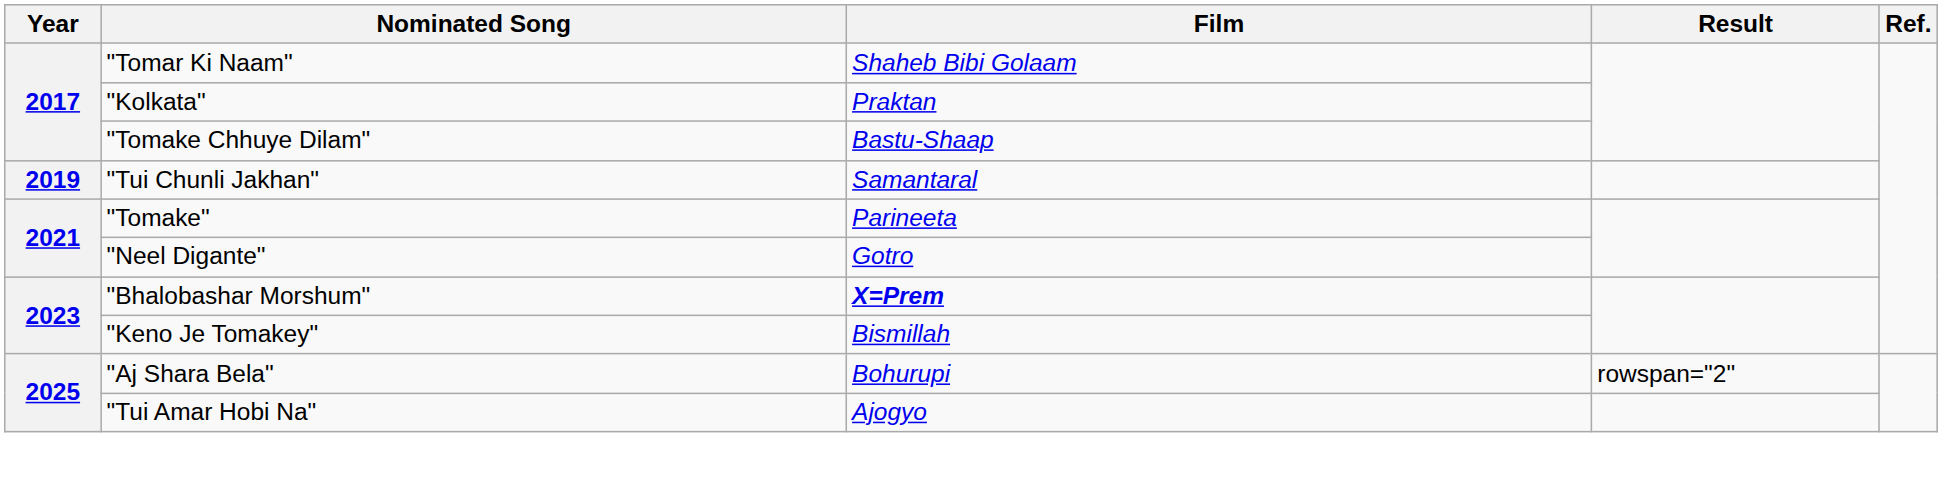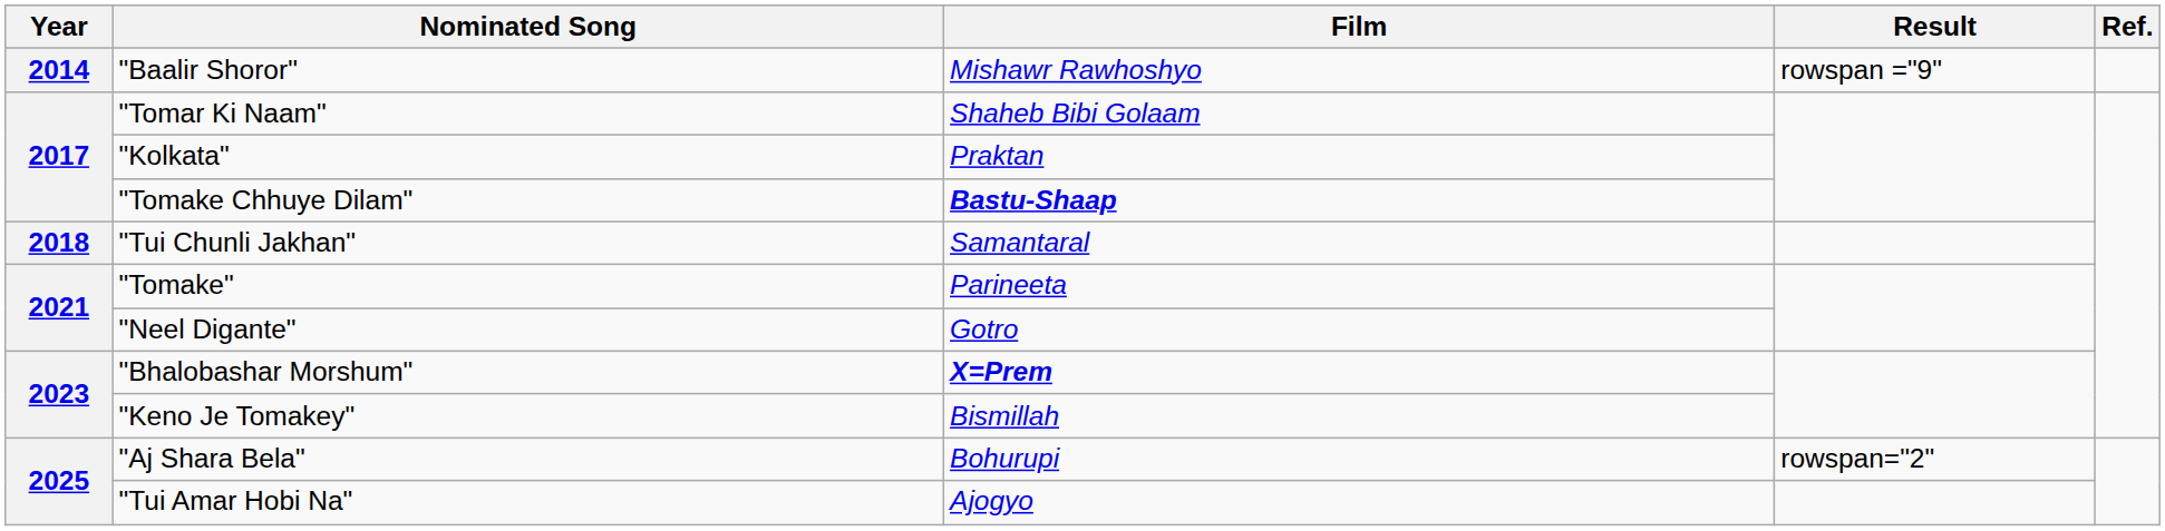 <table class="wikitable plainrowheaders" width="100%" textcolor:#000;">
 <tr>
 <th scope="col" width=5%><strong>Year</strong></th>
 <th scope="col" width=39%><strong>Nominated Song</strong></th>
 <th scope="col" width=39%><strong>Film</strong></th>
 <th scope="col" width=15%><strong>Result</strong></th>
 <th scope="col" width=2%><strong>Ref.</strong></th>
+</tr>
+<tr>
+<th scope="row"><a href='#'>2014</a></th>
+<td>"Baalir Shoror"</td>
+<td><em><a href='#'>Mishawr Rawhoshyo</a></em></td>
+<td>rowspan ="9" </td>
+<td></td>
 </tr>
 <tr>
 <th scope="row" rowspan="3"><a href='#'>2017</a></th>
 <td>"Tomar Ki Naam"</td>
 <td><em><a href='#'>Shaheb Bibi Golaam</a></em></td>
 <td rowspan="3"></td>
 </tr>
 <tr>
 <td>"Kolkata"</td>
 <td><em><a href='#'>Praktan</a></em></td>
 </tr>
 <tr>
 <td>"Tomake Chhuye Dilam"</td>
-<td><em><a href='#'>Bastu-Shaap</a></em></td>
+<td><strong><em><a href='#'>Bastu-Shaap</a></em></strong></td>
 </tr>
 <tr>
-<th scope="row"><a href='#'>2019</a></th>
+<th scope="row"><a href='#'>2018</a></th>
 <td>"Tui Chunli Jakhan"</td>
 <td><em><a href='#'>Samantaral</a></em></td>
 <td></td>
 </tr>
 <tr>
 <th scope="row" rowspan="2"><a href='#'>2021</a></th>
 <td>"Tomake"</td>
 <td><em><a href='#'>Parineeta</a></em></td>
 <td rowspan="2"></td>
 </tr>
 <tr>
 <td>"Neel Digante"</td>
 <td><em><a href='#'>Gotro</a></em></td>
 </tr>
 <tr>
 <th scope="row" rowspan="2"><a href='#'>2023</a></th>
 <td>"Bhalobashar Morshum"</td>
 <td><strong><em><a href='#'>X=Prem</a></em></strong></td>
 <td rowspan="2"></td>
 </tr>
 <tr>
 <td>"Keno Je Tomakey"</td>
 <td><em><a href='#'>Bismillah</a></em></td>
 </tr>
 <tr>
 <th scope="row" rowspan="2"><a href='#'>2025</a></th>
 <td>"Aj Shara Bela"</td>
 <td><em><a href='#'>Bohurupi</a></em></td>
 <td>rowspan="2" </td>
 <td rowspan="2"></td>
 </tr>
 <tr>
 <td>"Tui Amar Hobi Na"</td>
 <td><em><a href='#'>Ajogyo</a></em></td>
 </tr>
 </table>
